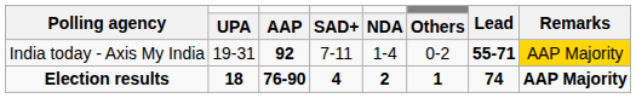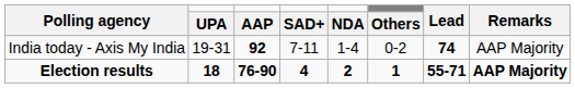 <table class="wikitable sortable" style="text-align:center;font-size:95%">
 <tr>
 <th rowspan="2">Polling agency</th>
 <td></td>
 <td></td>
 <td></td>
 <td></td>
 <td bgcolor="gray"></td>
 <th rowspan="2">Lead</th>
 <th rowspan="2">Remarks</th>
 </tr>
 <tr>
 <th>UPA</th>
 <th>AAP</th>
 <th>SAD+</th>
 <th>NDA</th>
 <th>Others</th>
 </tr>
 <tr>
 <td>India today - Axis My India</td>
 <td>19-31</td>
 <td><strong>92</strong></td>
 <td>7-11</td>
 <td>1-4</td>
 <td>0-2</td>
-<td><strong>55-71</strong></td>
-<td style="background: gold;">AAP Majority</td>
+<td><strong>74</strong></td>
+<td>AAP Majority</td>
 </tr>
 <tr>
 <td style="background:"><strong>Election results</strong></td>
 <td style="background:"><strong>18</strong></td>
 <td><strong>76-90</strong></td>
 <td style="background:"><strong>4</strong></td>
 <td style="background:"><strong>2</strong></td>
 <td style="background:"><strong>1</strong></td>
-<td><strong>74</strong></td>
+<td><strong>55-71</strong></td>
 <td style="background:"><strong>AAP Majority</strong></td>
 </tr>
 </table>
